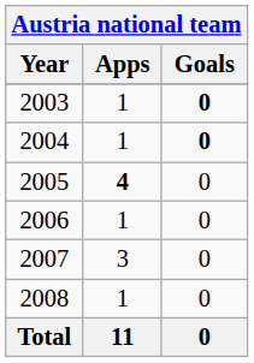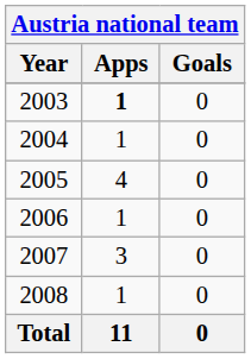 <table class="wikitable" style="text-align:center">
 <tr>
 <th colspan=3><a href='#'>Austria national team</a></th>
 </tr>
 <tr>
 <th>Year</th>
 <th>Apps</th>
 <th>Goals</th>
 </tr>
 <tr>
 </tr>
 <tr>
 <td>2003</td>
-<td>1</td>
-<td><strong>0</strong></td>
+<td><strong>1</strong></td>
+<td>0</td>
 </tr>
 <tr>
 <td>2004</td>
 <td>1</td>
-<td><strong>0</strong></td>
+<td>0</td>
 </tr>
 <tr>
 <td>2005</td>
-<td><strong>4</strong></td>
+<td>4</td>
 <td>0</td>
 </tr>
 <tr>
 <td>2006</td>
 <td>1</td>
 <td>0</td>
 </tr>
 <tr>
 <td>2007</td>
 <td>3</td>
 <td>0</td>
 </tr>
 <tr>
 <td>2008</td>
 <td>1</td>
 <td>0</td>
 </tr>
 <tr>
 <th>Total</th>
 <th>11</th>
 <th>0</th>
 </tr>
 </table>
